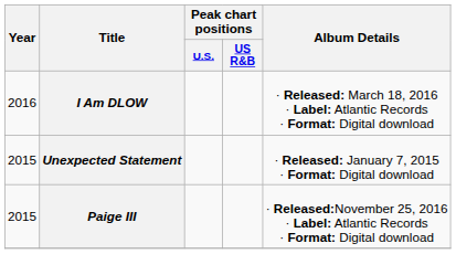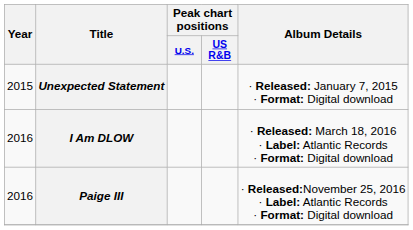 <table class="wikitable plainrowheaders" style="text-align:center;">
 <tr>
 <th scope="col" rowspan="2">Year</th>
 <th scope="col" rowspan="2">Title</th>
 <th scope="col" colspan="2">Peak chart positions</th>
 <th scope="col" rowspan="2">Album Details</th>
 </tr>
 <tr>
 <th scope="col" style="width:3em;font-size:85%;"><a href='#'>U.S.</a><br></th>
 <th scope="col" style="width:3em;font-size:90%;"><a href='#'>US R&B</a><br></th>
 </tr>
 <tr>
+<td>2015</td>
+<th scope="row"><em>Unexpected Statement</em></th>
+<td></td>
+<td></td>
+<td><br>· <strong>Released:</strong> January 7, 2015 <br> · <strong>Format:</strong> Digital download</td>
+</tr>
+<tr>
 <td>2016</td>
 <th scope="row"><em>I Am DLOW</em></th>
 <td></td>
 <td></td>
 <td><br>· <strong>Released:</strong> March 18, 2016 <br> · <strong>Label:</strong> Atlantic Records <br>  · <strong>Format:</strong> Digital download</td>
 </tr>
 <tr>
-<td>2015</td>
-<th scope="row"><em>Unexpected Statement</em></th>
-<td></td>
-<td></td>
-<td><br>· <strong>Released:</strong> January 7, 2015 <br> · <strong>Format:</strong> Digital download</td>
-</tr>
-<tr>
-<td>2015</td>
+<td>2016</td>
 <th scope="row"><em>Paige III</em></th>
 <td></td>
 <td></td>
 <td><br>· <strong>Released:</strong>November 25, 2016 <br> · <strong>Label:</strong> Atlantic Records <br>  · <strong>Format:</strong> Digital download</td>
 </tr>
 <tr>
 </tr>
 </table>
